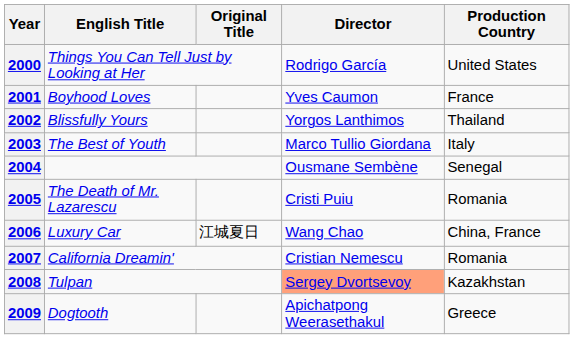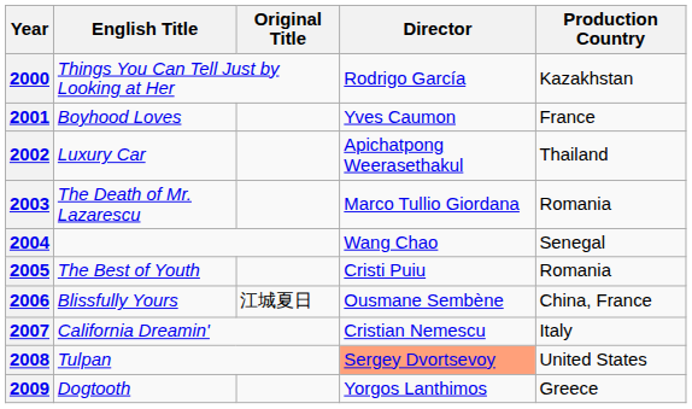 <table class="wikitable">
 <tr>
 <th>Year</th>
 <th>English Title</th>
 <th>Original Title</th>
 <th>Director</th>
 <th>Production Country</th>
 </tr>
 <tr>
 <th><a href='#'>2000</a></th>
 <td colspan="2"><em><a href='#'>Things You Can Tell Just by Looking at Her</a></em></td>
 <td data-sort-value="García"><a href='#'>Rodrigo García</a></td>
-<td>United States</td>
+<td>Kazakhstan</td>
 </tr>
 <tr>
 <th><a href='#'>2001</a></th>
 <td><em><a href='#'>Boyhood Loves</a></em></td>
 <td></td>
 <td data-sort-value="Caumon"><a href='#'>Yves Caumon</a></td>
 <td>France</td>
 </tr>
 <tr>
 <th><a href='#'>2002</a></th>
-<td><em><a href='#'>Blissfully Yours</a></em></td>
+<td><em><a href='#'>Luxury Car</a></em></td>
 <td></td>
-<td data-sort-value="Lanthimos"><a href='#'>Yorgos Lanthimos</a></td>
+<td data-sort-value="Weerasethakul"><a href='#'>Apichatpong Weerasethakul</a></td>
 <td>Thailand</td>
 </tr>
 <tr>
 <th><a href='#'>2003</a></th>
-<td data-sort-value="Best of Youth"><em><a href='#'>The Best of Youth</a></em></td>
+<td data-sort-value="Death of Mr Lazarescu"><em><a href='#'>The Death of Mr. Lazarescu</a></em></td>
 <td data-sort-value="meglio gioventù"></td>
 <td data-sort-value="Giordana"><a href='#'>Marco Tullio Giordana</a></td>
-<td>Italy</td>
+<td>Romania</td>
 </tr>
 <tr>
 <th><a href='#'>2004</a></th>
 <td colspan="2" data-sort-value="Moolaade"></td>
-<td data-sort-value="Sembene"><a href='#'>Ousmane Sembène</a></td>
+<td data-sort-value="Chao"><a href='#'>Wang Chao</a></td>
 <td>Senegal</td>
 </tr>
 <tr>
 <th><a href='#'>2005</a></th>
-<td data-sort-value="Death of Mr Lazarescu"><em><a href='#'>The Death of Mr. Lazarescu</a></em></td>
+<td data-sort-value="Best of Youth"><em><a href='#'>The Best of Youth</a></em></td>
 <td></td>
 <td data-sort-value="Puiu"><a href='#'>Cristi Puiu</a></td>
 <td>Romania</td>
 </tr>
 <tr>
 <th><a href='#'>2006</a></th>
-<td><em><a href='#'>Luxury Car</a></em></td>
+<td><em><a href='#'>Blissfully Yours</a></em></td>
 <td>江城夏日</td>
-<td data-sort-value="Chao"><a href='#'>Wang Chao</a></td>
+<td data-sort-value="Sembene"><a href='#'>Ousmane Sembène</a></td>
 <td>China, France</td>
 </tr>
 <tr>
 <th><a href='#'>2007</a></th>
 <td colspan="2"><em><a href='#'>California Dreamin'</a></em></td>
 <td data-sort-value="Nemescu"><a href='#'>Cristian Nemescu</a></td>
-<td>Romania</td>
+<td>Italy</td>
 </tr>
 <tr>
 <th><a href='#'>2008</a></th>
 <td colspan="2"><em><a href='#'>Tulpan</a></em></td>
 <td data-sort-value="Dvortsevoy" style="background: lightsalmon;"><a href='#'>Sergey Dvortsevoy</a></td>
-<td>Kazakhstan</td>
+<td>United States</td>
 </tr>
 <tr>
 <th><a href='#'>2009</a></th>
 <td><em><a href='#'>Dogtooth</a></em></td>
 <td data-sort-value="Kynodontas"></td>
-<td data-sort-value="Weerasethakul"><a href='#'>Apichatpong Weerasethakul</a></td>
+<td data-sort-value="Lanthimos"><a href='#'>Yorgos Lanthimos</a></td>
 <td>Greece</td>
 </tr>
 </table>
